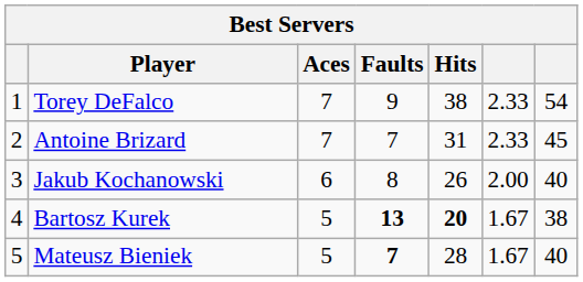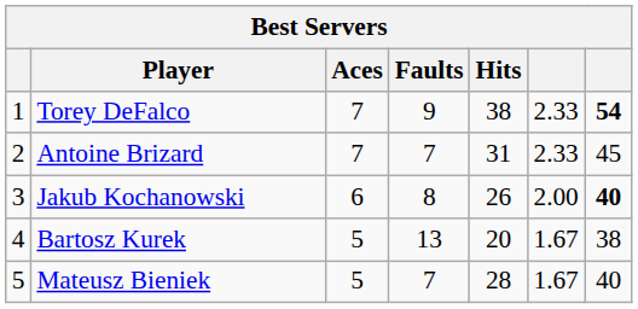 <table class="wikitable sortable" style=font-size:90%>
 <tr>
 <th colspan=7>Best Servers</th>
 </tr>
 <tr>
 <th></th>
 <th width=158>Player</th>
 <th width=20>Aces</th>
 <th width=20>Faults</th>
 <th width=20>Hits</th>
 <th width=20></th>
 <th width=20></th>
 </tr>
 <tr>
 <td>1</td>
 <td> <a href='#'>Torey DeFalco</a></td>
 <td align=center>7</td>
 <td align=center>9</td>
 <td align=center>38</td>
 <td align=center>2.33</td>
-<td align=center>54</td>
+<td align=center><strong>54</strong></td>
 </tr>
 <tr>
 <td>2</td>
 <td> <a href='#'>Antoine Brizard</a></td>
 <td align=center>7</td>
 <td align=center>7</td>
 <td align=center>31</td>
 <td align=center>2.33</td>
 <td align=center>45</td>
 </tr>
 <tr>
 <td>3</td>
 <td> <a href='#'>Jakub Kochanowski</a></td>
 <td align=center>6</td>
 <td align=center>8</td>
 <td align=center>26</td>
 <td align=center>2.00</td>
-<td align=center>40</td>
+<td align=center><strong>40</strong></td>
 </tr>
 <tr>
 <td>4</td>
 <td> <a href='#'>Bartosz Kurek</a></td>
 <td align=center>5</td>
-<td align=center><strong>13</strong></td>
-<td align=center><strong>20</strong></td>
+<td align=center>13</td>
+<td align=center>20</td>
 <td align=center>1.67</td>
 <td align=center>38</td>
 </tr>
 <tr>
 <td>5</td>
 <td> <a href='#'>Mateusz Bieniek</a></td>
 <td align=center>5</td>
-<td align=center><strong>7</strong></td>
+<td align=center>7</td>
 <td align=center>28</td>
 <td align=center>1.67</td>
 <td align=center>40</td>
 </tr>
 </table>
